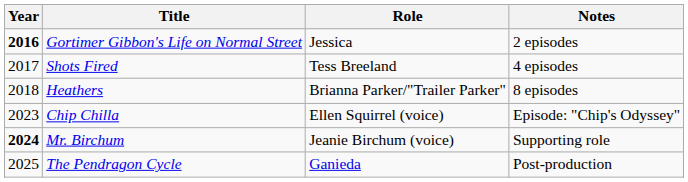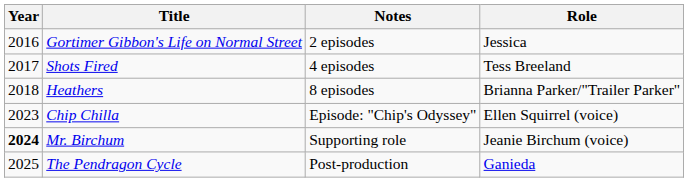 <table class="wikitable sortable">
 <tr>
 <th>Year</th>
 <th>Title</th>
+<th class="unsortable">Notes</th>
 <th>Role</th>
-<th class="unsortable">Notes</th>
 </tr>
 <tr>
-<td><strong>2016</strong></td>
+<td>2016</td>
 <td><em><a href='#'>Gortimer Gibbon's Life on Normal Street</a></em></td>
+<td>2 episodes</td>
 <td>Jessica</td>
-<td>2 episodes</td>
 </tr>
 <tr>
 <td>2017</td>
 <td><em><a href='#'>Shots Fired</a></em></td>
+<td>4 episodes</td>
 <td>Tess Breeland</td>
-<td>4 episodes</td>
 </tr>
 <tr>
 <td>2018</td>
 <td><em><a href='#'>Heathers</a></em></td>
+<td>8 episodes</td>
 <td>Brianna Parker/"Trailer Parker"</td>
-<td>8 episodes</td>
 </tr>
 <tr>
 <td>2023</td>
 <td><em><a href='#'>Chip Chilla</a></em></td>
+<td>Episode: "Chip's Odyssey"</td>
 <td>Ellen Squirrel (voice)</td>
-<td>Episode: "Chip's Odyssey"</td>
 </tr>
 <tr>
 <td><strong>2024</strong></td>
 <td><em><a href='#'>Mr. Birchum</a></em></td>
+<td>Supporting role</td>
 <td>Jeanie Birchum (voice)</td>
-<td>Supporting role</td>
 </tr>
 <tr>
 <td>2025</td>
 <td><em><a href='#'>The Pendragon Cycle</a></em></td>
+<td>Post-production</td>
 <td><a href='#'>Ganieda</a></td>
-<td>Post-production</td>
 </tr>
 </table>
